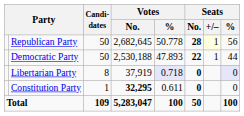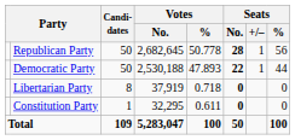 <table class="wikitable" style="font-size:100%; text-align:right;">
 <tr>
 <th colspan=2 rowspan=2>Party</th>
 <th rowspan=2><small>Candi-<br>dates</small></th>
 <th colspan=2>Votes</th>
 <th colspan=3>Seats</th>
 </tr>
 <tr>
 <th>No.</th>
 <th>%</th>
 <th>No.</th>
 <th>+/–</th>
 <th>%</th>
 </tr>
 <tr>
 <td style="background:"></td>
 <td align=left><a href='#'>Republican Party</a></td>
 <td>50</td>
 <td>2,682,645</td>
 <td>50.778</td>
 <td><strong>28</strong></td>
-<td style="background: lightyellow;">1</td>
+<td>1</td>
 <td>56</td>
 </tr>
 <tr>
 <td style="background:"></td>
 <td align=left><a href='#'>Democratic Party</a></td>
 <td>50</td>
 <td>2,530,188</td>
 <td>47.893</td>
 <td><strong>22</strong></td>
 <td>1</td>
 <td>44</td>
 </tr>
 <tr>
 <td style="background:"></td>
 <td align=left><a href='#'>Libertarian Party</a></td>
 <td>8</td>
 <td>37,919</td>
-<td style="background: lavender;">0.718</td>
+<td>0.718</td>
 <td><strong>0</strong></td>
 <td></td>
-<td style="background: lavender;">0</td>
+<td>0</td>
 </tr>
 <tr>
 <td style="background:"></td>
 <td align=left><a href='#'>Constitution Party</a></td>
 <td>1</td>
-<td><strong>32,295</strong></td>
+<td>32,295</td>
 <td>0.611</td>
 <td><strong>0</strong></td>
 <td></td>
 <td>0</td>
 </tr>
 <tr style="font-weight:bold">
 <td colspan=2 align=left>Total</td>
 <td>109</td>
 <td>5,283,047</td>
 <td>100</td>
 <td>50</td>
 <td></td>
 <td>100</td>
 </tr>
 </table>
